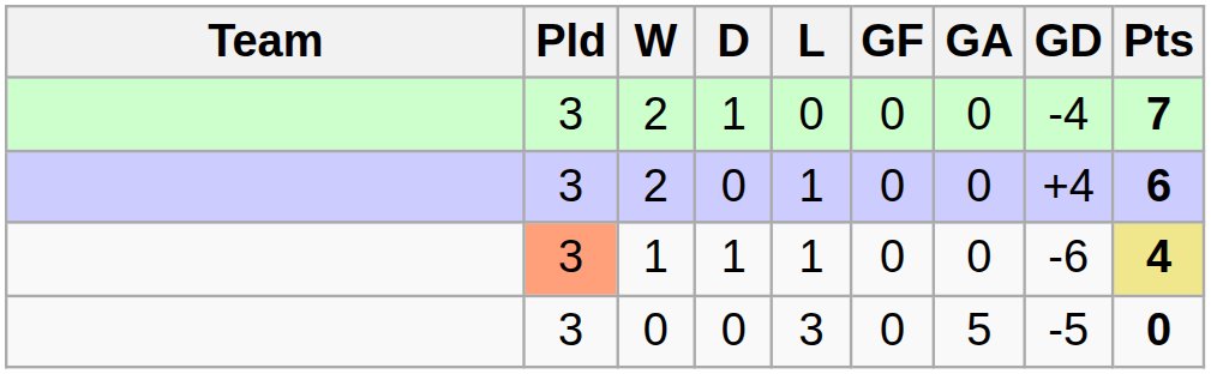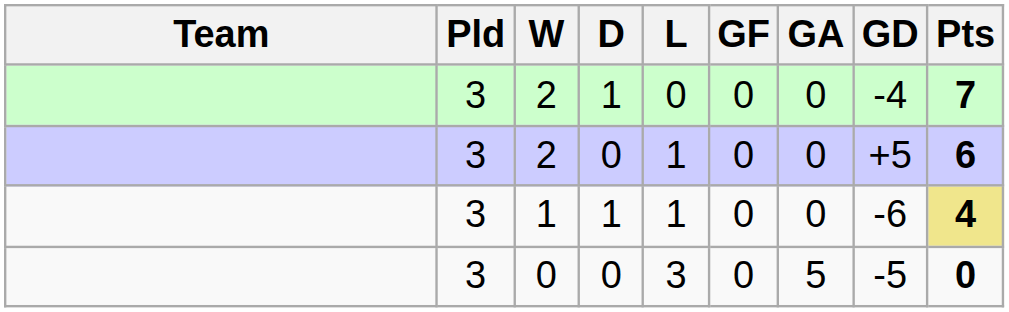 <table class="wikitable" style="text-align: center;">
 <tr>
 <th width=175>Team</th>
 <th width=20 abbr="Played">Pld</th>
 <th width=20 abbr="Won">W</th>
 <th width=20 abbr="Drawn">D</th>
 <th width=20 abbr="Lost">L</th>
 <th width=20 abbr="Goals for">GF</th>
 <th width=20 abbr="Goals against">GA</th>
 <th width=20 abbr="Goal difference">GD</th>
 <th width=20 abbr="Points">Pts</th>
 </tr>
 <tr bgcolor=#ccffcc>
 <td align=left></td>
 <td>3</td>
 <td>2</td>
 <td>1</td>
 <td>0</td>
 <td>0</td>
 <td>0</td>
 <td>-4</td>
 <td><strong>7</strong></td>
 </tr>
 <tr bgcolor=#ccccff>
 <td align=left></td>
 <td>3</td>
 <td>2</td>
 <td>0</td>
 <td>1</td>
 <td>0</td>
 <td>0</td>
-<td>+4</td>
+<td>+5</td>
 <td><strong>6</strong></td>
 </tr>
 <tr>
 <td align=left></td>
-<td style="background: lightsalmon;">3</td>
+<td>3</td>
 <td>1</td>
 <td>1</td>
 <td>1</td>
 <td>0</td>
 <td>0</td>
 <td>-6</td>
 <td style="background: khaki;"><strong>4</strong></td>
 </tr>
 <tr>
 <td align=left></td>
 <td>3</td>
 <td>0</td>
 <td>0</td>
 <td>3</td>
 <td>0</td>
 <td>5</td>
 <td>-5</td>
 <td><strong>0</strong></td>
 </tr>
 </table>
